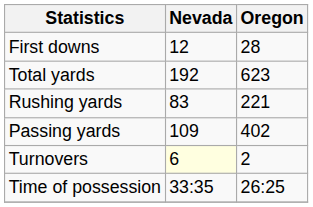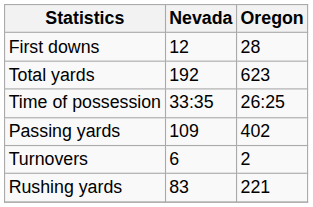 <table class="wikitable">
 <tr>
 <th>Statistics</th>
 <th>Nevada</th>
 <th>Oregon</th>
 </tr>
 <tr>
 <td>First downs</td>
 <td>12</td>
 <td>28</td>
 </tr>
 <tr>
 <td>Total yards</td>
 <td>192</td>
 <td>623</td>
 </tr>
 <tr>
-<td>Rushing yards</td>
-<td>83</td>
-<td>221</td>
+<td>Time of possession</td>
+<td>33:35</td>
+<td>26:25</td>
 </tr>
 <tr>
 <td>Passing yards</td>
 <td>109</td>
 <td>402</td>
 </tr>
 <tr>
 <td>Turnovers</td>
-<td style="background: lightyellow;">6</td>
+<td>6</td>
 <td>2</td>
 </tr>
 <tr>
-<td>Time of possession</td>
-<td>33:35</td>
-<td>26:25</td>
+<td>Rushing yards</td>
+<td>83</td>
+<td>221</td>
 </tr>
 <tr>
 </tr>
 </table>
